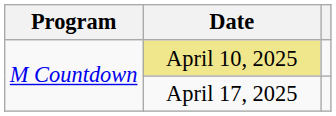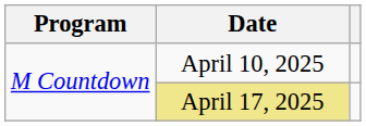 <table class="wikitable sortable" style="text-align:center;">
 <tr>
 <th>Program</th>
 <th width="120px">Date</th>
 <th class="unsortable"></th>
 </tr>
 <tr>
 <td rowspan="2"><em><a href='#'>M Countdown</a></em></td>
-<td style="background: khaki;">April 10, 2025</td>
+<td>April 10, 2025</td>
 <td></td>
 </tr>
 <tr>
-<td>April 17, 2025</td>
+<td style="background: khaki;">April 17, 2025</td>
 <td></td>
 </tr>
 </table>
